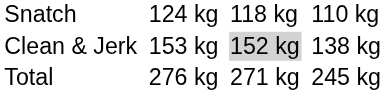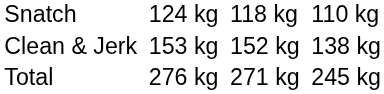 <table>
 <tr>
 <td>Snatch</td>
 <td></td>
 <td>124 kg</td>
 <td></td>
 <td>118 kg</td>
 <td></td>
 <td>110 kg</td>
 </tr>
 <tr>
 <td>Clean & Jerk</td>
 <td></td>
 <td>153 kg</td>
 <td></td>
-<td style="background: lightgrey;">152 kg</td>
+<td>152 kg</td>
 <td></td>
 <td>138 kg</td>
 </tr>
 <tr>
 <td>Total</td>
 <td></td>
 <td>276 kg</td>
 <td></td>
 <td>271 kg</td>
 <td></td>
 <td>245 kg</td>
 </tr>
 </table>
